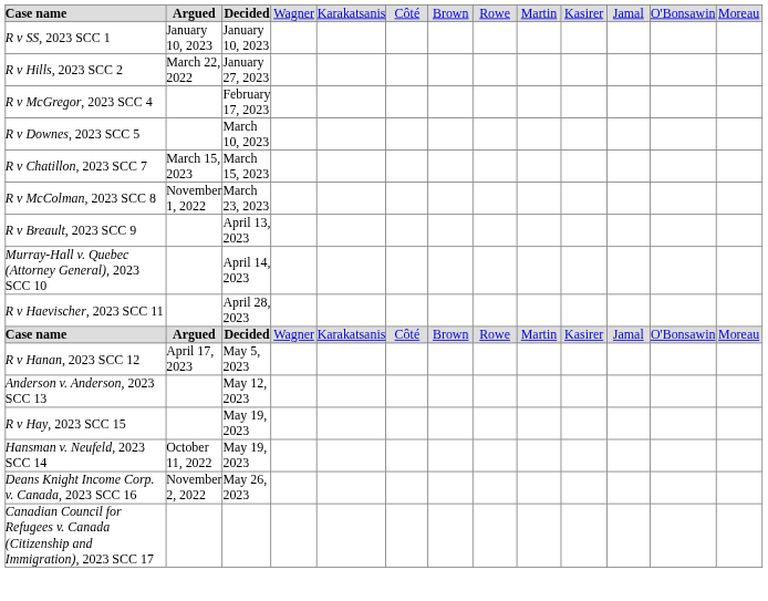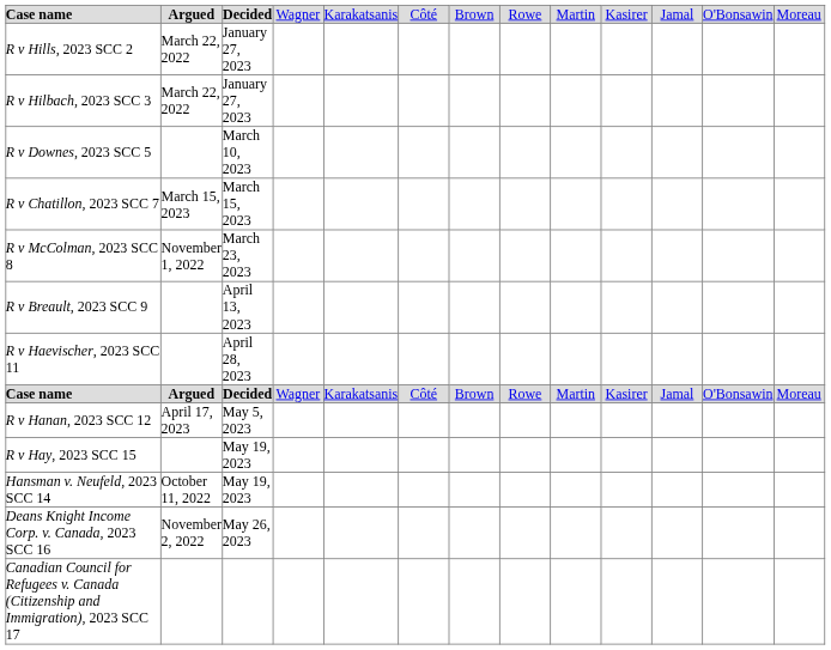 <table cellpadding="0" cellspacing="1" border="1"  style="margin:auto; border-collapse:collapse; font-size:90%; width:825px;">
 <tr style="text-align:center;">
 <th style="background:#ddd; text-align:left;">Case name</th>
 <th style="background:#ddd; width:50px;">Argued</th>
 <th style="background:#ddd; width:50px;">Decided</th>
 <td style="background:#ddd; width:50px;"><a href='#'>Wagner</a></td>
 <td style="background:#ddd; width:50px;"><a href='#'>Karakatsanis</a></td>
 <td style="background:#ddd; width:50px;"><a href='#'>Côté</a></td>
 <td style="background:#ddd; width:50px;"><a href='#'>Brown</a></td>
 <td style="background:#ddd; width:50px;"><a href='#'>Rowe</a></td>
 <td style="background:#ddd; width:50px;"><a href='#'>Martin</a></td>
 <td style="background:#ddd; width:50px;"><a href='#'>Kasirer</a></td>
 <td style="background:#ddd; width:50px;"><a href='#'>Jamal</a></td>
 <td style="background:#ddd; width:50px;"><a href='#'>O'Bonsawin</a></td>
 <td style="background:#ddd; width:50px;"><a href='#'>Moreau</a></td>
-</tr>
-<tr align=center>
-<td style="width:200px; text-align:left;"><em>R v SS</em>, 2023 SCC 1</td>
-<td align=left>January 10, 2023</td>
-<td align=left>January 10, 2023</td>
-<td style="background:"></td>
-<td style="background:"></td>
-<td style="background:"></td>
-<td style="background:"></td>
-<td style="background:"></td>
-<td style="background:"></td>
-<td style="background:"></td>
-<td style="background:"></td>
-<td style="background:"></td>
-<td style="background:"></td>
 </tr>
 <tr>
 <td><em>R v Hills</em>, 2023 SCC 2</td>
 <td>March 22, 2022</td>
 <td>January 27, 2023</td>
 <td style="background:"></td>
 <td style="background:"></td>
 <td style="background:"></td>
 <td style="background:"></td>
 <td style="background:"></td>
 <td style="background:"></td>
 <td style="background:"></td>
 <td style="background:"></td>
 <td style="background:"></td>
 <td style="background:"></td>
 </tr>
 <tr>
-<td><em>R v McGregor</em>, 2023 SCC 4</td>
-<td></td>
-<td>February 17, 2023</td>
+<td><em>R v Hilbach</em>, 2023 SCC 3</td>
+<td>March 22, 2022</td>
+<td>January 27, 2023</td>
 <td style="background:"></td>
 <td style="background:"></td>
 <td style="background:"></td>
 <td style="background:"></td>
 <td style="background:"></td>
 <td style="background:"></td>
 <td style="background:"></td>
 <td style="background:"></td>
 <td style="background:"></td>
 <td style="background:"></td>
 </tr>
 <tr>
 <td><em>R v Downes</em>, 2023 SCC 5 </td>
 <td></td>
 <td>March 10, 2023</td>
 <td style="background:"></td>
 <td style="background:"></td>
 <td style="background:"></td>
 <td style="background:"></td>
 <td style="background:"></td>
 <td style="background:"></td>
 <td style="background:"></td>
 <td style="background:"></td>
 <td style="background:"></td>
 <td style="background:"></td>
 </tr>
 <tr>
 <td><em>R v Chatillon</em>, 2023 SCC 7 </td>
 <td>March 15, 2023</td>
 <td>March 15, 2023</td>
 <td style="background:"></td>
 <td style="background:"></td>
 <td style="background:"></td>
 <td style="background:"></td>
 <td style="background:"></td>
 <td style="background:"></td>
 <td style="background:"></td>
 <td style="background:"></td>
 <td style="background:"></td>
 <td style="background:"></td>
 </tr>
 <tr>
 <td><em>R v McColman</em>, 2023 SCC 8 </td>
 <td>November 1, 2022</td>
 <td>March 23, 2023</td>
 <td style="background:"></td>
 <td style="background:"></td>
 <td style="background:"></td>
 <td style="background:"></td>
 <td style="background:"></td>
 <td style="background:"></td>
 <td style="background:"></td>
 <td style="background:"></td>
 <td style="background:"></td>
 <td style="background:"></td>
 </tr>
 <tr>
 <td><em>R v Breault</em>, 2023 SCC 9 </td>
 <td></td>
 <td>April 13, 2023</td>
 <td style="background:"></td>
 <td style="background:"></td>
 <td style="background:"></td>
 <td style="background:"></td>
 <td style="background:"></td>
 <td style="background:"></td>
 <td style="background:"></td>
 <td style="background:"></td>
 <td style="background:"></td>
 <td style="background:"></td>
 </tr>
 <tr>
-<td><em>Murray‑Hall v. Quebec (Attorney General)</em>, 2023 SCC 10 </td>
-<td></td>
-<td>April 14, 2023</td>
-<td style="background:"></td>
-<td style="background:"></td>
-<td style="background:"></td>
-<td style="background:"></td>
-<td style="background:"></td>
-<td style="background:"></td>
-<td style="background:"></td>
-<td style="background:"></td>
-<td style="background:"></td>
-<td style="background:"></td>
-</tr>
-<tr>
 <td><em>R v Haevischer</em>, 2023 SCC 11 </td>
 <td></td>
 <td>April 28, 2023</td>
 <td style="background:"></td>
 <td style="background:"></td>
 <td style="background:"></td>
 <td style="background:"></td>
 <td style="background:"></td>
 <td style="background:"></td>
 <td style="background:"></td>
 <td style="background:"></td>
 <td style="background:"></td>
 <td style="background:"></td>
 </tr>
 <tr style="text-align:center;">
 <th style="background:#ddd; text-align:left;">Case name</th>
 <th style="background:#ddd; width:50px;">Argued</th>
 <th style="background:#ddd; width:50px;">Decided</th>
 <td style="background:#ddd; width:50px;"><a href='#'>Wagner</a></td>
 <td style="background:#ddd; width:50px;"><a href='#'>Karakatsanis</a></td>
 <td style="background:#ddd; width:50px;"><a href='#'>Côté</a></td>
 <td style="background:#ddd; width:50px;"><a href='#'>Brown</a></td>
 <td style="background:#ddd; width:50px;"><a href='#'>Rowe</a></td>
 <td style="background:#ddd; width:50px;"><a href='#'>Martin</a></td>
 <td style="background:#ddd; width:50px;"><a href='#'>Kasirer</a></td>
 <td style="background:#ddd; width:50px;"><a href='#'>Jamal</a></td>
 <td style="background:#ddd; width:50px;"><a href='#'>O'Bonsawin</a></td>
 <td style="background:#ddd; width:50px;"><a href='#'>Moreau</a></td>
 </tr>
 <tr>
 <td><em>R v Hanan</em>, 2023 SCC 12 </td>
 <td>April 17, 2023</td>
 <td>May 5, 2023</td>
-<td style="background:"></td>
-<td style="background:"></td>
-<td style="background:"></td>
-<td style="background:"></td>
-<td style="background:"></td>
-<td style="background:"></td>
-<td style="background:"></td>
-<td style="background:"></td>
-<td style="background:"></td>
-<td style="background:"></td>
-</tr>
-<tr>
-<td><em>Anderson v. Anderson</em>, 2023 SCC 13 </td>
-<td></td>
-<td>May 12, 2023</td>
 <td style="background:"></td>
 <td style="background:"></td>
 <td style="background:"></td>
 <td style="background:"></td>
 <td style="background:"></td>
 <td style="background:"></td>
 <td style="background:"></td>
 <td style="background:"></td>
 <td style="background:"></td>
 <td style="background:"></td>
 </tr>
 <tr>
 <td><em>R v Hay</em>, 2023 SCC 15 </td>
 <td></td>
 <td>May 19, 2023</td>
 <td style="background:"></td>
 <td style="background:"></td>
 <td style="background:"></td>
 <td style="background:"></td>
 <td style="background:"></td>
 <td style="background:"></td>
 <td style="background:"></td>
 <td style="background:"></td>
 <td style="background:"></td>
 <td style="background:"></td>
 </tr>
 <tr>
 <td><em>Hansman v. Neufeld</em>, 2023 SCC 14 </td>
 <td>October 11, 2022</td>
 <td>May 19, 2023</td>
 <td style="background:"></td>
 <td style="background:"></td>
 <td style="background:"></td>
 <td style="background:"></td>
 <td style="background:"></td>
 <td style="background:"></td>
 <td style="background:"></td>
 <td style="background:"></td>
 <td style="background:"></td>
 <td style="background:"></td>
 </tr>
 <tr>
 <td><em>Deans Knight Income Corp. v. Canada</em>, 2023 SCC 16 </td>
 <td>November 2, 2022</td>
 <td>May 26, 2023</td>
 <td style="background:"></td>
 <td style="background:"></td>
 <td style="background:"></td>
 <td style="background:"></td>
 <td style="background:"></td>
 <td style="background:"></td>
 <td style="background:"></td>
 <td style="background:"></td>
 <td style="background:"></td>
 <td style="background:"></td>
 </tr>
 <tr>
 <td><em>Canadian Council for Refugees v. Canada (Citizenship and Immigration)</em>, 2023 SCC 17 </td>
 <td></td>
 <td></td>
 <td style="background:"></td>
 <td style="background:"></td>
 <td style="background:"></td>
 <td style="background:"></td>
 <td style="background:"></td>
 <td style="background:"></td>
 <td style="background:"></td>
 <td style="background:"></td>
 <td style="background:"></td>
 <td style="background:"></td>
 </tr>
 </table>
